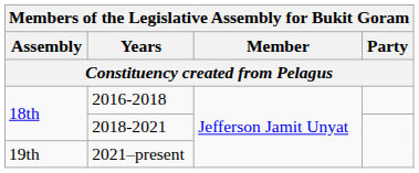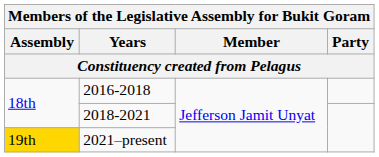 <table class=wikitable>
 <tr>
 <th colspan="4">Members of the Legislative Assembly for Bukit Goram</th>
 </tr>
 <tr>
 <th>Assembly</th>
 <th>Years</th>
 <th>Member</th>
 <th>Party</th>
 </tr>
 <tr>
 <th colspan=4 align=center><em>Constituency created from Pelagus</em></th>
 </tr>
 <tr>
 <td rowspan="2"><a href='#'>18th</a></td>
 <td>2016-2018</td>
 <td rowspan="3"><a href='#'>Jefferson Jamit Unyat</a></td>
 <td></td>
 </tr>
 <tr>
 <td>2018-2021</td>
 <td rowspan="2"></td>
 </tr>
 <tr>
-<td>19th</td>
+<td style="background: gold;">19th</td>
 <td>2021–present</td>
 </tr>
 </table>
